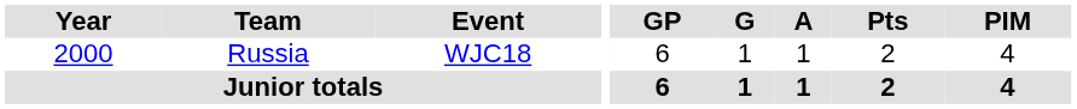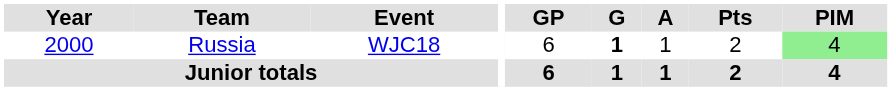 <table border="0" cellpadding="1" cellspacing="0" ID="Table3" style="text-align:center; width:40em">
 <tr ALIGN="center" bgcolor="#e0e0e0">
 <th>Year</th>
 <th>Team</th>
 <th>Event</th>
 <th rowspan="99" bgcolor="#ffffff"></th>
 <th>GP</th>
 <th>G</th>
 <th>A</th>
 <th>Pts</th>
 <th>PIM</th>
 </tr>
 <tr>
 <td><a href='#'>2000</a></td>
 <td><a href='#'>Russia</a></td>
 <td><a href='#'>WJC18</a></td>
 <td>6</td>
-<td>1</td>
+<td><strong>1</strong></td>
 <td>1</td>
 <td>2</td>
-<td>4</td>
+<td style="background: lightgreen;">4</td>
 </tr>
 <tr bgcolor="#e0e0e0">
 <th colspan="3">Junior totals</th>
 <th>6</th>
 <th>1</th>
 <th>1</th>
 <th>2</th>
 <th>4</th>
 </tr>
 </table>
